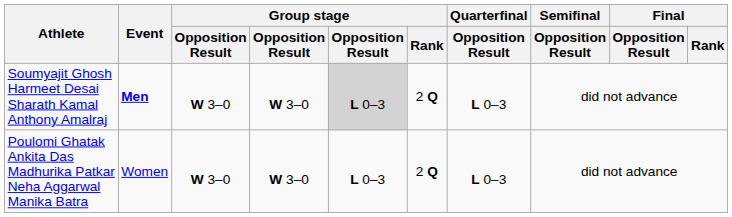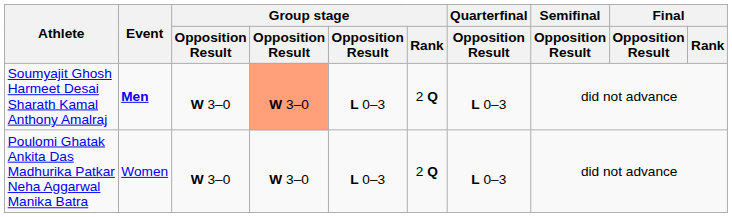 <table class=wikitable style="text-align:center; font-size:90%">
 <tr>
 <th rowspan=2>Athlete</th>
 <th rowspan=2>Event</th>
 <th colspan=4>Group stage</th>
 <th>Quarterfinal</th>
 <th>Semifinal</th>
 <th colspan=2>Final</th>
 </tr>
 <tr>
 <th>Opposition<br>Result</th>
 <th>Opposition<br>Result</th>
 <th>Opposition<br>Result</th>
 <th>Rank</th>
 <th>Opposition<br>Result</th>
 <th>Opposition<br>Result</th>
 <th>Opposition<br>Result</th>
 <th>Rank</th>
 </tr>
 <tr>
 <td align=left><a href='#'>Soumyajit Ghosh</a><br><a href='#'>Harmeet Desai</a><br><a href='#'>Sharath Kamal</a><br><a href='#'>Anthony Amalraj</a></td>
 <td align=left><strong><a href='#'>Men</a></strong></td>
 <td><br><strong>W</strong> 3–0</td>
-<td><br><strong>W</strong> 3–0</td>
-<td style="background: lightgrey;"><br><strong>L</strong> 0–3</td>
+<td style="background: lightsalmon;"><br><strong>W</strong> 3–0</td>
+<td><br><strong>L</strong> 0–3</td>
 <td>2 <strong>Q</strong></td>
 <td><br><strong>L</strong> 0–3</td>
 <td colspan=3>did not advance</td>
 </tr>
 <tr>
 <td align=left><a href='#'>Poulomi Ghatak</a><br><a href='#'>Ankita Das</a><br><a href='#'>Madhurika Patkar</a><br><a href='#'>Neha Aggarwal</a><br><a href='#'>Manika Batra</a></td>
 <td align=left><a href='#'>Women</a></td>
 <td><br><strong>W</strong> 3–0</td>
 <td><br><strong>W</strong> 3–0</td>
 <td><br><strong>L</strong> 0–3</td>
 <td>2 <strong>Q</strong></td>
 <td><br><strong>L</strong> 0–3</td>
 <td colspan=3>did not advance</td>
 </tr>
 </table>
